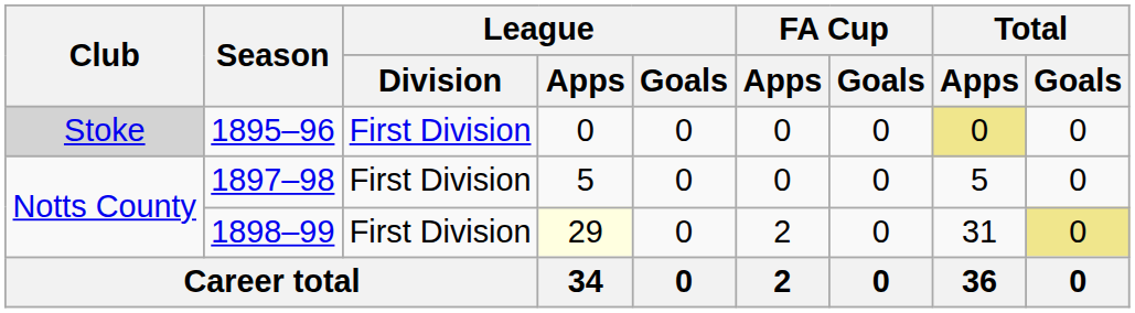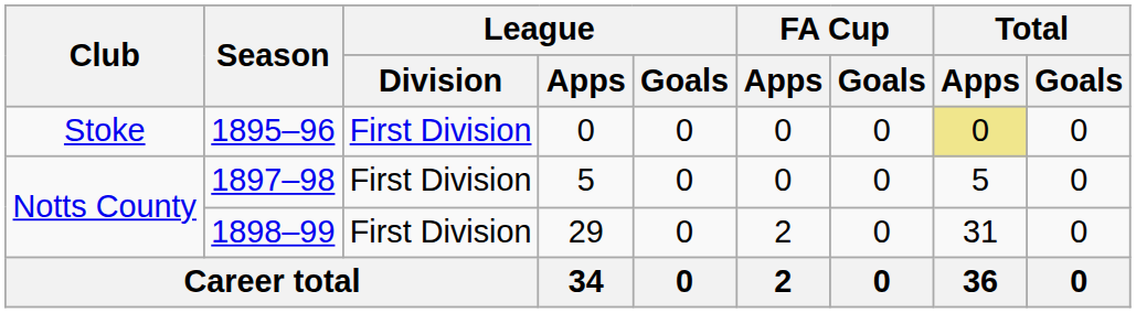 <table class="wikitable" style="text-align: center;">
 <tr>
 <th rowspan="2">Club</th>
 <th rowspan="2">Season</th>
 <th colspan="3">League</th>
 <th colspan="2">FA Cup</th>
 <th colspan="2">Total</th>
 </tr>
 <tr>
 <th>Division</th>
 <th>Apps</th>
 <th>Goals</th>
 <th>Apps</th>
 <th>Goals</th>
 <th>Apps</th>
 <th>Goals</th>
 </tr>
 <tr>
-<td style="background: lightgrey;"><a href='#'>Stoke</a></td>
+<td><a href='#'>Stoke</a></td>
 <td><a href='#'>1895–96</a></td>
 <td><a href='#'>First Division</a></td>
 <td>0</td>
 <td>0</td>
 <td>0</td>
 <td>0</td>
 <td style="background: khaki;">0</td>
 <td>0</td>
 </tr>
 <tr>
 <td rowspan=2><a href='#'>Notts County</a></td>
 <td><a href='#'>1897–98</a></td>
 <td>First Division</td>
 <td>5</td>
 <td>0</td>
 <td>0</td>
 <td>0</td>
 <td>5</td>
 <td>0</td>
 </tr>
 <tr>
 <td><a href='#'>1898–99</a></td>
 <td>First Division</td>
-<td style="background: lightyellow;">29</td>
+<td>29</td>
 <td>0</td>
 <td>2</td>
 <td>0</td>
 <td>31</td>
-<td style="background: khaki;">0</td>
+<td>0</td>
 </tr>
 <tr>
 <th colspan="3">Career total</th>
 <th>34</th>
 <th>0</th>
 <th>2</th>
 <th>0</th>
 <th>36</th>
 <th>0</th>
 </tr>
 </table>
